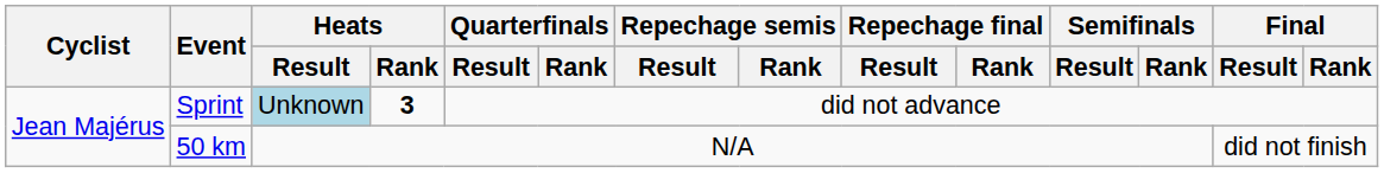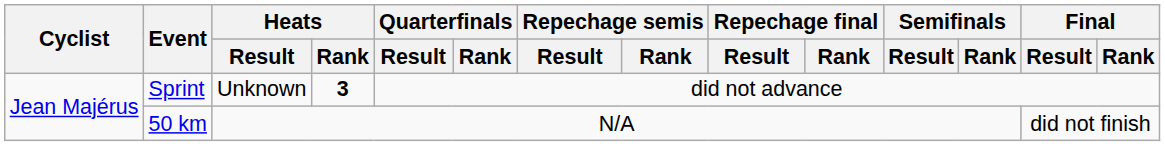 <table class=wikitable style="font-size:90%">
 <tr>
 <th rowspan=2>Cyclist</th>
 <th rowspan=2>Event</th>
 <th colspan=2>Heats</th>
 <th colspan=2>Quarterfinals</th>
 <th colspan=2>Repechage semis</th>
 <th colspan=2>Repechage final</th>
 <th colspan=2>Semifinals</th>
 <th colspan=2>Final</th>
 </tr>
 <tr>
 <th>Result</th>
 <th>Rank</th>
 <th>Result</th>
 <th>Rank</th>
 <th>Result</th>
 <th>Rank</th>
 <th>Result</th>
 <th>Rank</th>
 <th>Result</th>
 <th>Rank</th>
 <th>Result</th>
 <th>Rank</th>
 </tr>
 <tr>
 <td rowspan=2><a href='#'>Jean Majérus</a></td>
 <td><a href='#'>Sprint</a></td>
-<td align=center style="background: lightblue;">Unknown</td>
+<td align=center>Unknown</td>
 <td align=center><strong>3</strong></td>
 <td align=center colspan=10>did not advance</td>
 </tr>
 <tr>
 <td><a href='#'>50 km</a></td>
 <td align=center colspan=10>N/A</td>
 <td align=center colspan=2>did not finish</td>
 </tr>
 </table>
